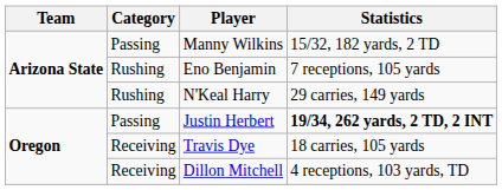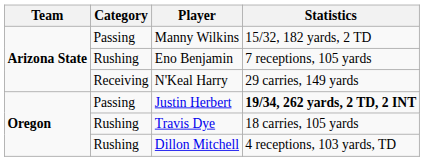 <table class="wikitable" style="float: right;">
 <tr>
 <th>Team</th>
 <th>Category</th>
 <th>Player</th>
 <th>Statistics</th>
 </tr>
 <tr>
 <td rowspan=3><strong>Arizona State</strong></td>
 <td>Passing</td>
 <td>Manny Wilkins</td>
 <td>15/32, 182 yards, 2 TD</td>
 </tr>
 <tr>
 <td>Rushing</td>
 <td>Eno Benjamin</td>
 <td>7 receptions, 105 yards</td>
 </tr>
 <tr>
-<td>Rushing</td>
+<td>Receiving</td>
 <td>N'Keal Harry</td>
 <td>29 carries, 149 yards</td>
 </tr>
 <tr>
 <td rowspan=3><strong>Oregon</strong></td>
 <td>Passing</td>
 <td><a href='#'>Justin Herbert</a></td>
 <td><strong>19/34, 262 yards, 2 TD, 2 INT</strong></td>
 </tr>
 <tr>
-<td>Receiving</td>
+<td>Rushing</td>
 <td><a href='#'>Travis Dye</a></td>
 <td>18 carries, 105 yards</td>
 </tr>
 <tr>
-<td>Receiving</td>
+<td>Rushing</td>
 <td><a href='#'>Dillon Mitchell</a></td>
 <td>4 receptions, 103 yards, TD</td>
 </tr>
 </table>
